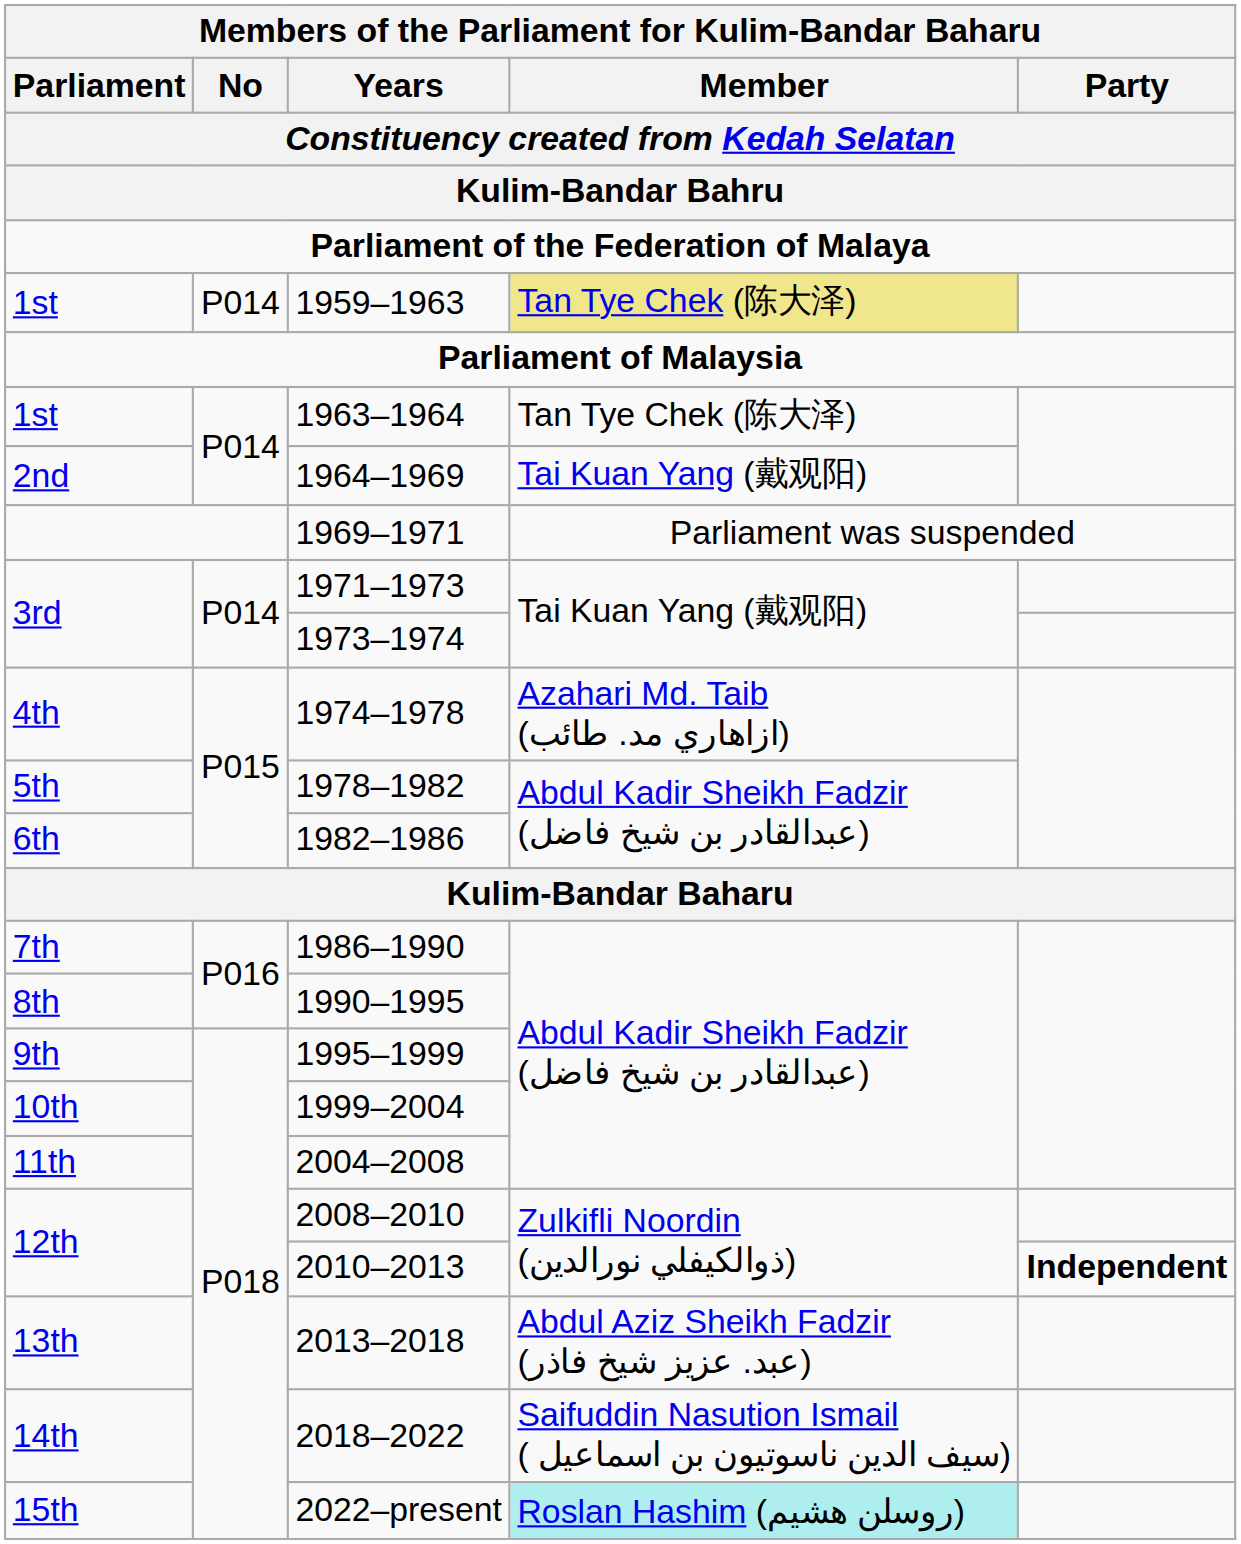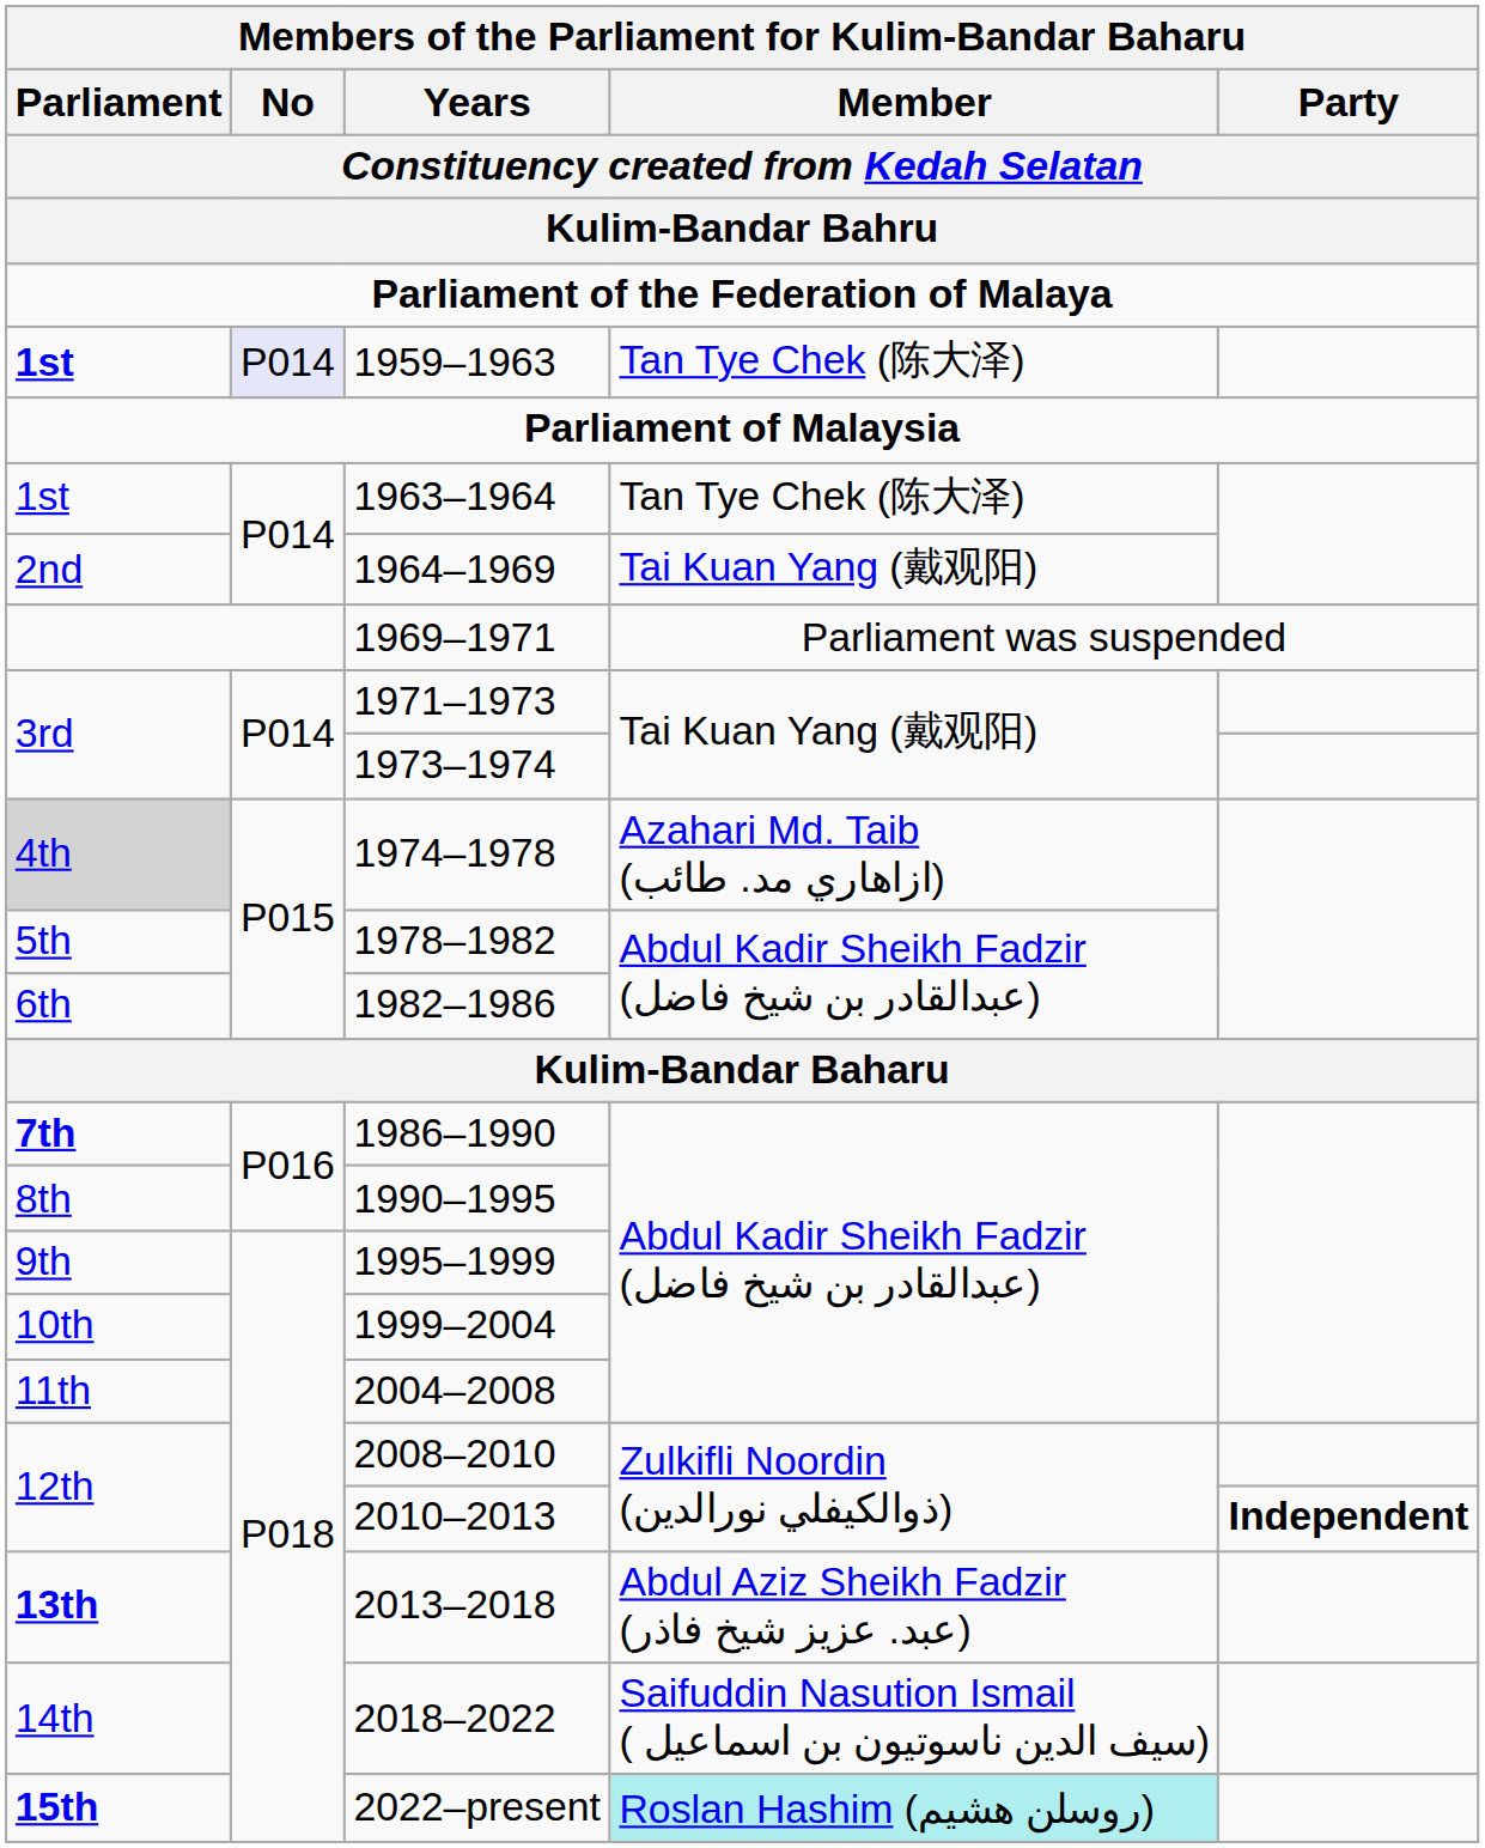 <table class=wikitable>
 <tr>
 <th colspan="5">Members of the Parliament for Kulim-Bandar Baharu</th>
 </tr>
 <tr>
 <th>Parliament</th>
 <th>No</th>
 <th>Years</th>
 <th>Member</th>
 <th>Party</th>
 </tr>
 <tr>
 <th colspan="5" align="center"><em>Constituency created from <a href='#'>Kedah Selatan</a></em></th>
 </tr>
 <tr>
 <th colspan="5" align="center">Kulim-Bandar Bahru</th>
 </tr>
 <tr>
 <td colspan="5" align="center"><strong>Parliament of the Federation of Malaya</strong></td>
 </tr>
 <tr>
-<td><a href='#'>1st</a></td>
-<td>P014</td>
+<td><strong><a href='#'>1st</a></strong></td>
+<td style="background: lavender;">P014</td>
 <td class="nowrap">1959–1963</td>
-<td style="background: khaki;"><a href='#'>Tan Tye Chek</a> (陈大泽)</td>
+<td><a href='#'>Tan Tye Chek</a> (陈大泽)</td>
 <td></td>
 </tr>
 <tr>
 <td colspan="5" align="center"><strong>Parliament of Malaysia</strong></td>
 </tr>
 <tr>
 <td><a href='#'>1st</a></td>
 <td rowspan="2">P014</td>
 <td>1963–1964</td>
 <td>Tan Tye Chek (陈大泽)</td>
 <td rowspan="2"></td>
 </tr>
 <tr>
 <td><a href='#'>2nd</a></td>
 <td>1964–1969</td>
 <td><a href='#'>Tai Kuan Yang</a> (戴观阳)</td>
 </tr>
 <tr>
 <td colspan="2"></td>
 <td>1969–1971</td>
 <td colspan=2 align=center>Parliament was suspended</td>
 </tr>
 <tr>
 <td rowspan=2><a href='#'>3rd</a></td>
 <td rowspan="2">P014</td>
 <td>1971–1973</td>
 <td rowspan=2>Tai Kuan Yang (戴观阳)</td>
 <td></td>
 </tr>
 <tr>
 <td>1973–1974</td>
 <td></td>
 </tr>
 <tr>
-<td><a href='#'>4th</a></td>
+<td style="background: lightgrey;"><a href='#'>4th</a></td>
 <td rowspan="3">P015</td>
 <td>1974–1978</td>
 <td><a href='#'>Azahari Md. Taib</a> <br>  (ازاهاري مد. طائب)</td>
 <td rowspan="3"></td>
 </tr>
 <tr>
 <td><a href='#'>5th</a></td>
 <td>1978–1982</td>
 <td rowspan=2><a href='#'>Abdul Kadir Sheikh Fadzir</a>  <br> (عبدالقادر بن شيخ فاضل)</td>
 </tr>
 <tr>
 <td><a href='#'>6th</a></td>
 <td>1982–1986</td>
 </tr>
 <tr>
 <th colspan="5" align="center">Kulim-Bandar Baharu</th>
 </tr>
 <tr>
-<td><a href='#'>7th</a></td>
+<td><strong><a href='#'>7th</a></strong></td>
 <td rowspan="2">P016</td>
 <td>1986–1990</td>
 <td rowspan=5><a href='#'>Abdul Kadir Sheikh Fadzir</a> <br>  (عبدالقادر بن شيخ فاضل)</td>
 <td rowspan=5></td>
 </tr>
 <tr>
 <td><a href='#'>8th</a></td>
 <td>1990–1995</td>
 </tr>
 <tr>
 <td><a href='#'>9th</a></td>
 <td rowspan="8">P018</td>
 <td>1995–1999</td>
 </tr>
 <tr>
 <td><a href='#'>10th</a></td>
 <td>1999–2004</td>
 </tr>
 <tr>
 <td><a href='#'>11th</a></td>
 <td>2004–2008</td>
 </tr>
 <tr>
 <td rowspan=2><a href='#'>12th</a></td>
 <td>2008–2010</td>
 <td rowspan=2><a href='#'>Zulkifli Noordin</a>  <br> (ذوالکيفلي نورالدين)</td>
 <td></td>
 </tr>
 <tr>
 <td>2010–2013</td>
 <td><strong>Independent</strong></td>
 </tr>
 <tr>
-<td><a href='#'>13th</a></td>
+<td><strong><a href='#'>13th</a></strong></td>
 <td>2013–2018</td>
 <td><a href='#'>Abdul Aziz Sheikh Fadzir</a>  <br> (عبد. عزيز شيخ فاذر)</td>
 <td></td>
 </tr>
 <tr>
 <td><a href='#'>14th</a></td>
 <td>2018–2022</td>
 <td><a href='#'>Saifuddin Nasution Ismail</a> <br>  ( سيف الدين ناسوتيون بن اسماعيل)</td>
 <td></td>
 </tr>
 <tr>
-<td><a href='#'>15th</a></td>
+<td><strong><a href='#'>15th</a></strong></td>
 <td>2022–present</td>
 <td style="background: paleturquoise;"><a href='#'>Roslan Hashim</a> (روسلن هشيم)</td>
 <td></td>
 </tr>
 </table>
